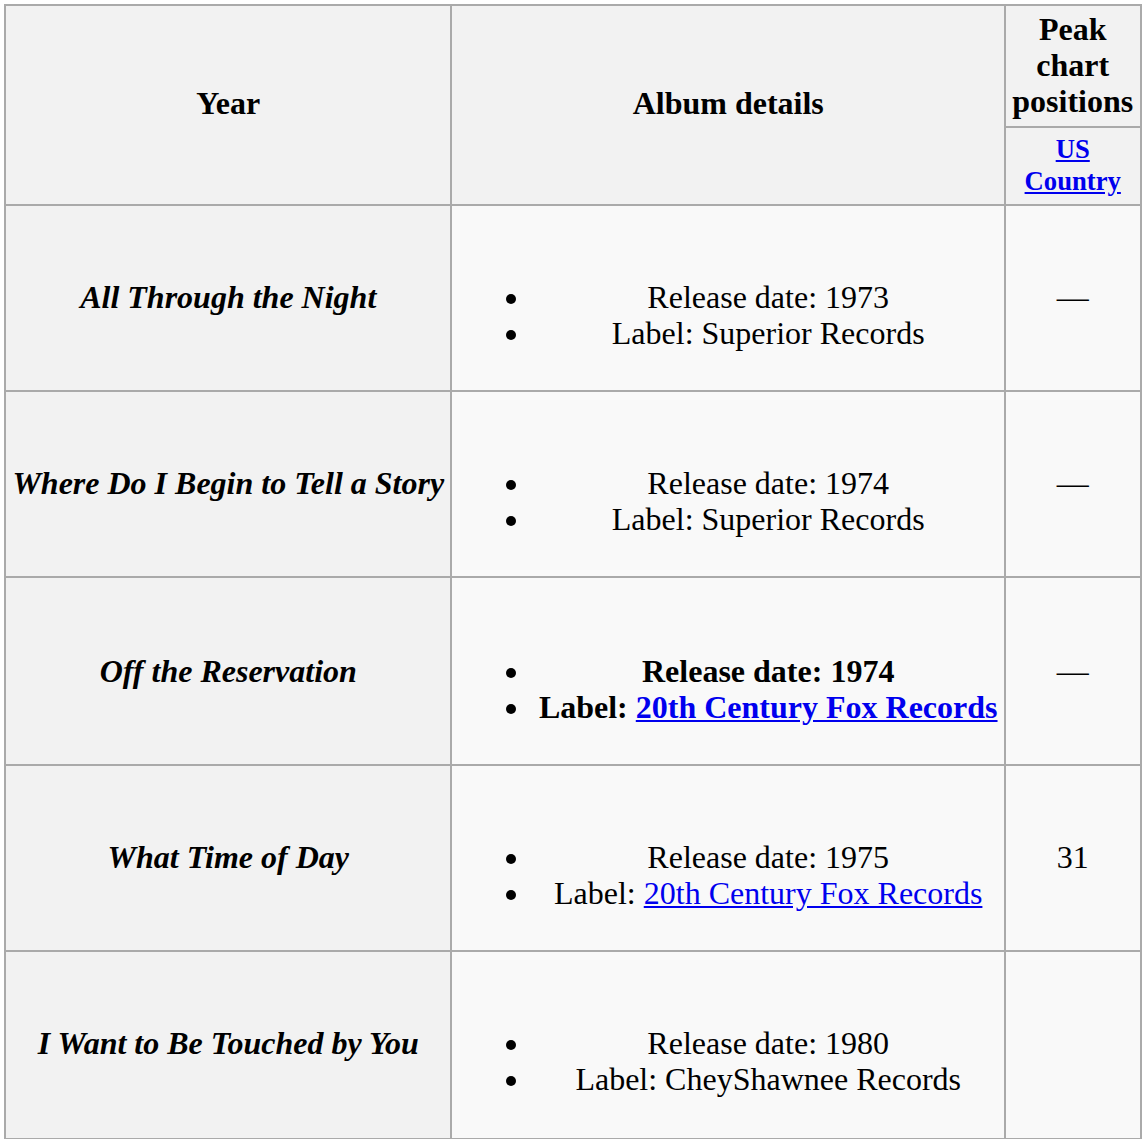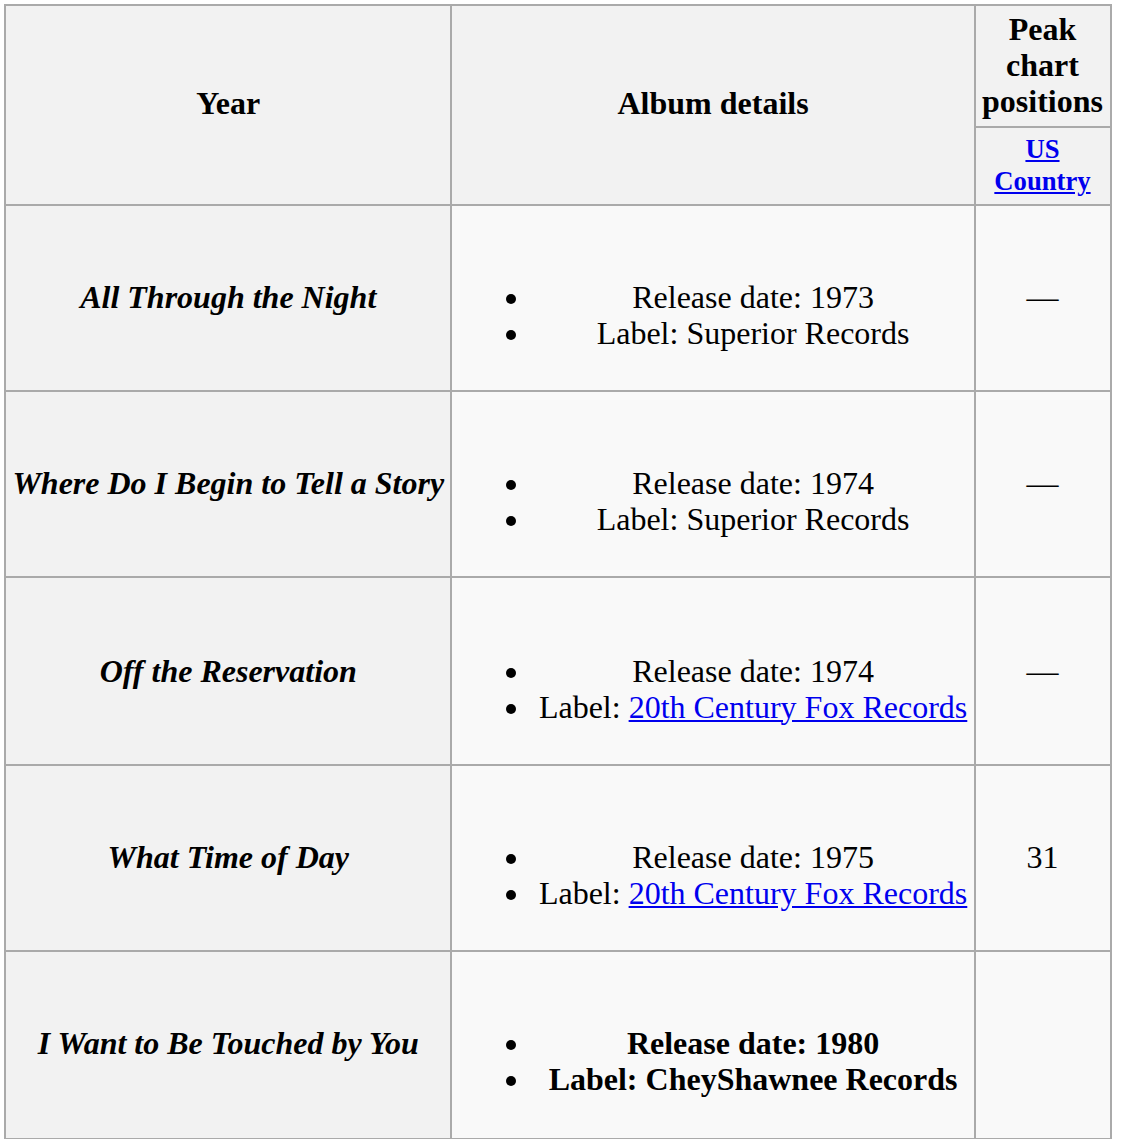 <table class="wikitable" style="text-align:center;">
 <tr>
 <th rowspan="2">Year</th>
 <th rowspan="2">Album details</th>
 <th colspan="1">Peak chart positions</th>
 </tr>
 <tr style="font-size:smaller;">
 <th width="35"><a href='#'>US Country</a></th>
 </tr>
 <tr>
 <th scope="row"><em>All Through the Night</em></th>
 <td><br><ul><li>Release date: 1973</li><li>Label: Superior Records</li></ul></td>
 <td>—</td>
 </tr>
 <tr>
 <th scope="row"><em>Where Do I Begin to Tell a Story</em></th>
 <td><br><ul><li>Release date: 1974</li><li>Label: Superior Records</li></ul></td>
 <td>—</td>
 </tr>
 <tr>
 <th scope="row"><em>Off the Reservation</em></th>
-<td><strong><br><ul><li>Release date: 1974</li><li>Label: <a href='#'>20th Century Fox Records</a></li></ul></strong></td>
+<td><br><ul><li>Release date: 1974</li><li>Label: <a href='#'>20th Century Fox Records</a></li></ul></td>
 <td>—</td>
 </tr>
 <tr>
 <th scope="row"><em>What Time of Day</em></th>
 <td><br><ul><li>Release date: 1975</li><li>Label: <a href='#'>20th Century Fox Records</a></li></ul></td>
 <td>31</td>
 </tr>
 <tr>
 <th scope="row"><em>I Want to Be Touched by You</em></th>
-<td><br><ul><li>Release date: 1980</li><li>Label: CheyShawnee Records</li></ul></td>
+<td><strong><br><ul><li>Release date: 1980</li><li>Label: CheyShawnee Records</li></ul></strong></td>
 <td></td>
 </tr>
 </table>
